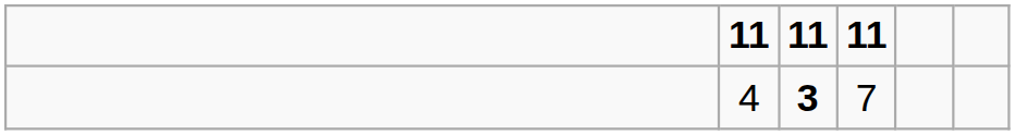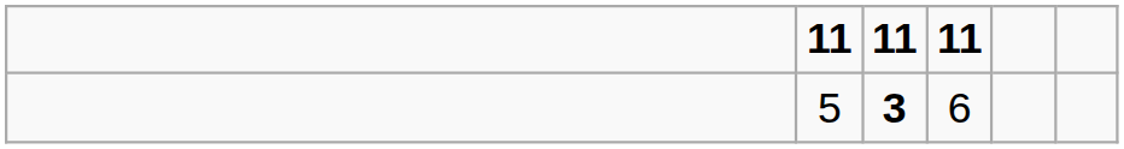 <table class="wikitable">
 <tr>
 <td style="width:18em"></td>
 <td align=center style="width:1em"><strong>11</strong></td>
 <td align=center style="width:1em"><strong>11</strong></td>
 <td align=center style="width:1em"><strong>11</strong></td>
 <td align=center style="width:1em"></td>
 <td align=center style="width:1em"></td>
 </tr>
 <tr>
 <td style="width:18em"></td>
-<td align=center style="width:1em">4</td>
+<td align=center style="width:1em">5</td>
 <td align=center style="width:1em"><strong>3</strong></td>
-<td align=center style="width:1em">7</td>
+<td align=center style="width:1em">6</td>
 <td align=center style="width:1em"></td>
 <td align=center style="width:1em"></td>
 </tr>
 </table>
